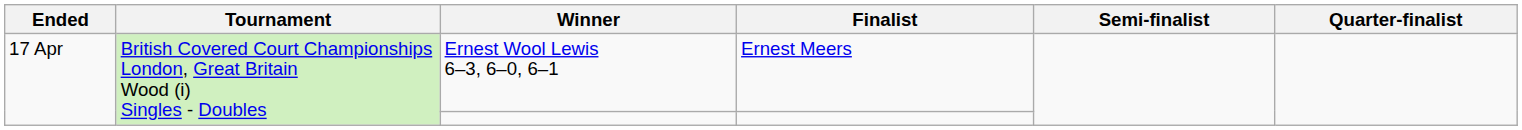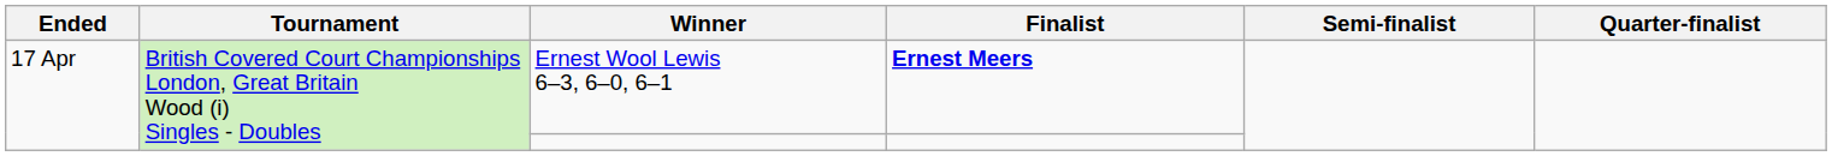 <table class="wikitable" style="font-size:85%;">
 <tr>
 <th width="75">Ended</th>
 <th width="230">Tournament</th>
 <th width="210">Winner</th>
 <th width="210">Finalist</th>
 <th width="170">Semi-finalist</th>
 <th width="170">Quarter-finalist</th>
 </tr>
 <tr valign=top>
 <td rowspan=2>17 Apr</td>
 <td style="background:#d0f0c0" rowspan=2><a href='#'>British Covered Court Championships</a><br><a href='#'>London</a>, <a href='#'>Great Britain</a><br>Wood (i)<br> <a href='#'>Singles</a> - <a href='#'>Doubles</a></td>
 <td> <a href='#'>Ernest Wool Lewis</a><br>6–3, 6–0, 6–1</td>
-<td> <a href='#'>Ernest Meers</a></td>
+<td><strong> <a href='#'>Ernest Meers</a></strong></td>
 <td rowspan=2></td>
 <td rowspan=2></td>
 </tr>
 <tr valign=top>
 <td></td>
 <td></td>
 </tr>
 </table>
